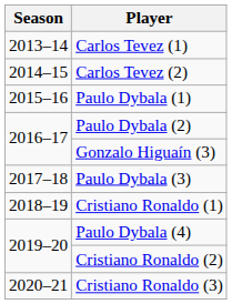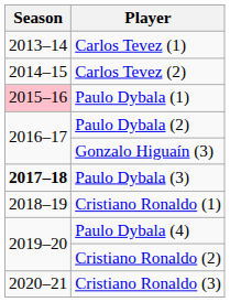 <table class="wikitable">
 <tr>
 <th>Season</th>
 <th>Player</th>
 </tr>
 <tr>
 <td>2013–14</td>
 <td> <a href='#'>Carlos Tevez</a> (1)</td>
 </tr>
 <tr>
 <td>2014–15</td>
 <td> <a href='#'>Carlos Tevez</a> (2)</td>
 </tr>
 <tr>
-<td>2015–16</td>
+<td style="background: pink;">2015–16</td>
 <td> <a href='#'>Paulo Dybala</a> (1)</td>
 </tr>
 <tr>
 <td rowspan=2>2016–17</td>
 <td> <a href='#'>Paulo Dybala</a> (2)</td>
 </tr>
 <tr>
 <td> <a href='#'>Gonzalo Higuaín</a> (3)</td>
 </tr>
 <tr>
-<td>2017–18</td>
+<td><strong>2017–18</strong></td>
 <td> <a href='#'>Paulo Dybala</a> (3)</td>
 </tr>
 <tr>
 <td>2018–19</td>
 <td> <a href='#'>Cristiano Ronaldo</a> (1)</td>
 </tr>
 <tr>
 <td rowspan=2>2019–20</td>
 <td> <a href='#'>Paulo Dybala</a> (4)</td>
 </tr>
 <tr>
 <td> <a href='#'>Cristiano Ronaldo</a> (2)</td>
 </tr>
 <tr>
 <td>2020–21</td>
 <td> <a href='#'>Cristiano Ronaldo</a> (3)</td>
 </tr>
 </table>
